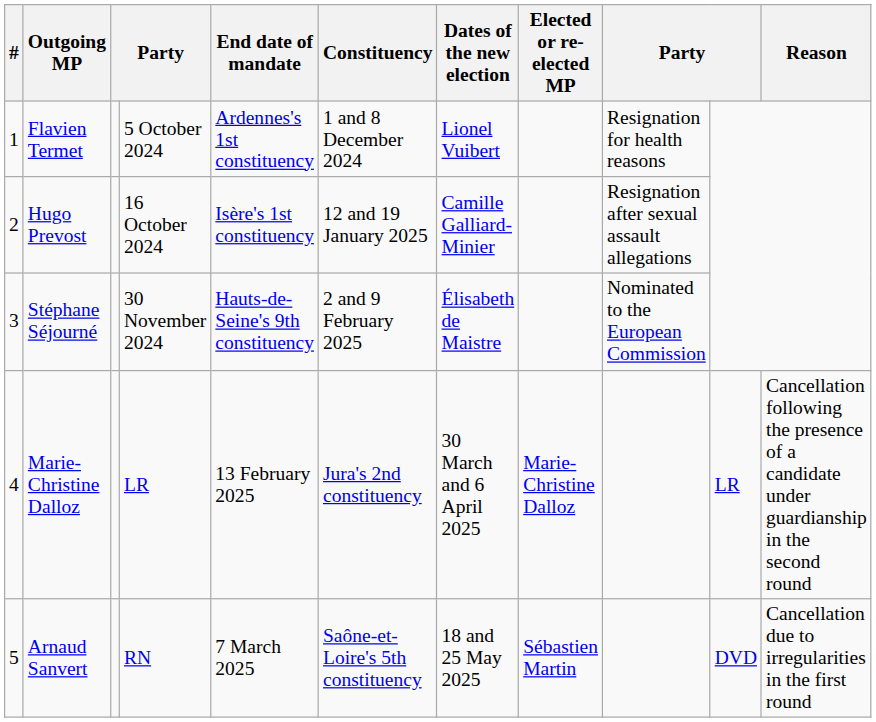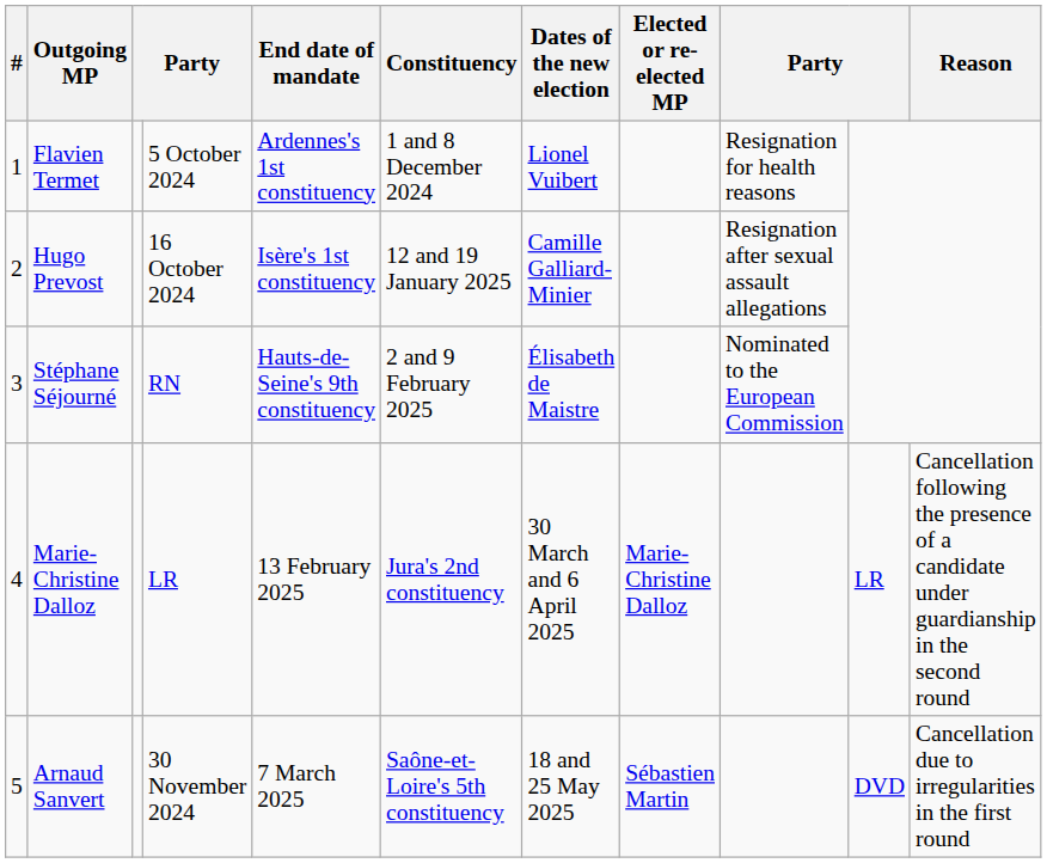 <table class="wikitable">
 <tr>
 <th>#</th>
 <th>Outgoing MP</th>
 <th colspan="2">Party</th>
 <th>End date of mandate</th>
 <th>Constituency</th>
 <th>Dates of the new election</th>
 <th>Elected or re-elected MP</th>
 <th colspan="2">Party</th>
 <th>Reason</th>
 </tr>
 <tr>
 <td>1</td>
 <td><a href='#'>Flavien Termet</a></td>
 <td></td>
 <td><abbr>5 October</abbr> 2024</td>
 <td><a href='#'>Ardennes's 1st constituency</a></td>
 <td><abbr>1</abbr> and 8 <abbr>December</abbr> 2024</td>
 <td><a href='#'>Lionel Vuibert</a></td>
 <td></td>
 <td>Resignation for health reasons</td>
 </tr>
 <tr>
 <td>2</td>
 <td><a href='#'>Hugo Prevost</a></td>
 <td></td>
 <td><abbr>16 October</abbr> 2024</td>
 <td><a href='#'>Isère's 1st constituency</a></td>
 <td>12 and 19 January 2025</td>
 <td><a href='#'>Camille Galliard-Minier</a></td>
 <td></td>
 <td>Resignation after sexual assault allegations</td>
 </tr>
 <tr>
 <td>3</td>
 <td><a href='#'>Stéphane Séjourné</a></td>
 <td></td>
-<td><abbr>30 November</abbr> 2024</td>
+<td><a href='#'>RN</a></td>
 <td><a href='#'>Hauts-de-Seine's 9th constituency</a></td>
 <td>2 and 9 February 2025</td>
 <td><a href='#'>Élisabeth de Maistre</a></td>
 <td></td>
 <td>Nominated to the <a href='#'>European Commission</a></td>
 </tr>
 <tr>
 <td>4</td>
 <td><a href='#'>Marie-Christine Dalloz</a></td>
 <td style="color:inherit;background:"></td>
 <td><a href='#'>LR</a></td>
 <td>13 February 2025</td>
 <td><a href='#'>Jura's 2nd constituency</a></td>
 <td>30 March and 6 <abbr>April</abbr> 2025</td>
 <td><a href='#'>Marie-Christine Dalloz</a></td>
 <td style="color:inherit;background:"></td>
 <td><a href='#'>LR</a></td>
 <td>Cancellation following the presence of a candidate under guardianship in the second round</td>
 </tr>
 <tr>
 <td>5</td>
 <td><a href='#'>Arnaud Sanvert</a></td>
 <td style="color:inherit;background-color: "></td>
-<td><a href='#'>RN</a></td>
+<td><abbr>30 November</abbr> 2024</td>
 <td><abbr>7 March</abbr> 2025</td>
 <td><a href='#'>Saône-et-Loire's 5th constituency</a></td>
 <td>18 and 25 May 2025</td>
 <td><a href='#'>Sébastien Martin</a></td>
 <td style="color:inherit;background:"></td>
 <td><a href='#'>DVD</a></td>
 <td>Cancellation due to irregularities in the first round</td>
 </tr>
 </table>
